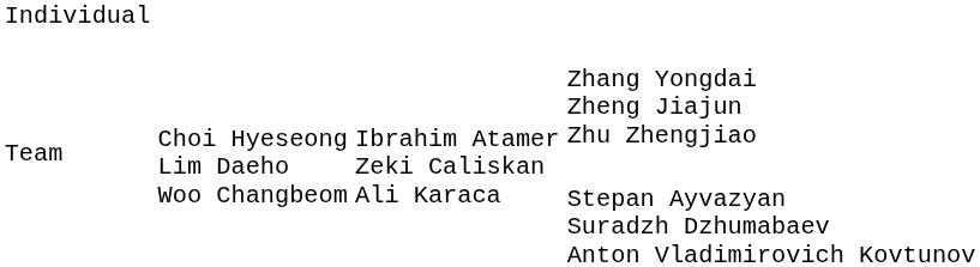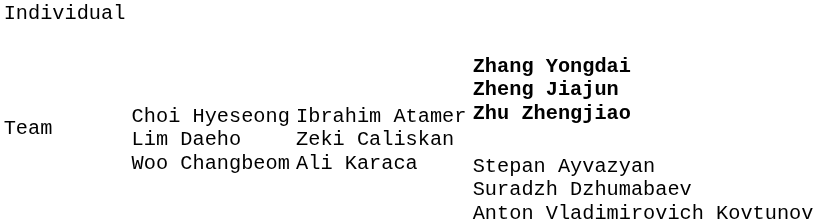 <table>
 <tr>
 <td rowspan=2>Individual</td>
 <td rowspan=2></td>
 <td rowspan=2></td>
 <td></td>
 </tr>
 <tr>
 <td></td>
 </tr>
 <tr>
 <td rowspan=2>Team</td>
 <td rowspan=2><br>Choi Hyeseong<br>Lim Daeho<br>Woo Changbeom</td>
 <td rowspan=2><br>Ibrahim Atamer<br>Zeki Caliskan<br>Ali Karaca</td>
-<td><br>Zhang Yongdai<br>Zheng Jiajun<br>Zhu Zhengjiao</td>
+<td><strong><br>Zhang Yongdai<br>Zheng Jiajun<br>Zhu Zhengjiao</strong></td>
 </tr>
 <tr>
 <td><br>Stepan Ayvazyan<br>Suradzh Dzhumabaev<br>Anton Vladimirovich Kovtunov</td>
 </tr>
 </table>
